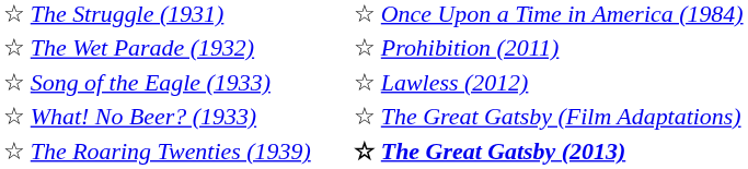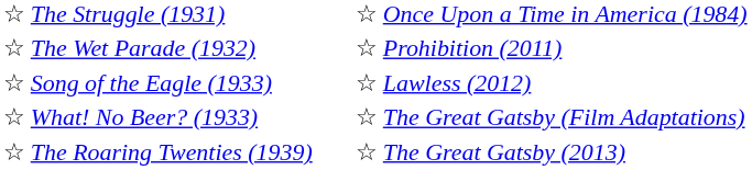 <table style="width: 60%; border: none; text-align: left;">
 <tr>
 <td>☆ <a href='#'><em>The Struggle (1931)</em></a></td>
 <td>☆ <a href='#'><em>Once Upon a Time in America (1984)</em></a></td>
 </tr>
 <tr>
 <td>☆ <a href='#'><em>The Wet Parade (1932)</em></a></td>
 <td>☆ <a href='#'><em>Prohibition (2011)</em></a></td>
 </tr>
 <tr>
 <td>☆ <a href='#'><em>Song of the Eagle (1933)</em></a></td>
 <td>☆ <a href='#'><em>Lawless (2012)</em></a></td>
 </tr>
 <tr>
 <td>☆ <a href='#'><em>What! No Beer? (1933)</em></a></td>
 <td>☆ <a href='#'><em>The Great Gatsby (Film Adaptations)</em></a></td>
 </tr>
 <tr>
 <td>☆ <a href='#'><em>The Roaring Twenties (1939)</em></a></td>
-<td><strong>☆ <a href='#'><em>The Great Gatsby (2013)</em></a></strong></td>
+<td>☆ <a href='#'><em>The Great Gatsby (2013)</em></a></td>
 </tr>
 </table>
